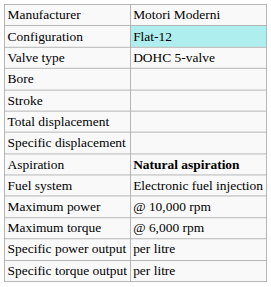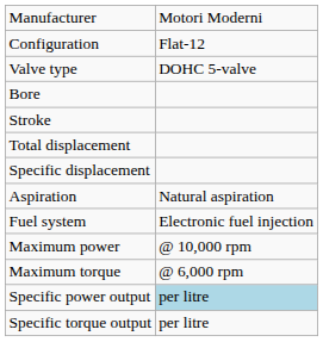 <table class="wikitable">
 <tr>
 <td>Manufacturer</td>
 <td>Motori Moderni</td>
 </tr>
 <tr>
 <td>Configuration</td>
-<td style="background: paleturquoise;">Flat-12</td>
+<td>Flat-12</td>
 </tr>
 <tr>
 <td>Valve type</td>
 <td>DOHC 5-valve</td>
 </tr>
 <tr>
 <td>Bore</td>
 <td></td>
 </tr>
 <tr>
 <td>Stroke</td>
 <td></td>
 </tr>
 <tr>
 <td>Total displacement</td>
 <td></td>
 </tr>
 <tr>
 <td>Specific displacement</td>
 <td></td>
 </tr>
 <tr>
 <td>Aspiration</td>
-<td><strong>Natural aspiration</strong></td>
+<td>Natural aspiration</td>
 </tr>
 <tr>
 <td>Fuel system</td>
 <td>Electronic fuel injection</td>
 </tr>
 <tr>
 <td>Maximum power</td>
 <td> @ 10,000 rpm</td>
 </tr>
 <tr>
 <td>Maximum torque</td>
 <td> @ 6,000 rpm</td>
 </tr>
 <tr>
 <td>Specific power output</td>
-<td> per litre</td>
+<td style="background: lightblue;"> per litre</td>
 </tr>
 <tr>
 <td>Specific torque output</td>
 <td> per litre</td>
 </tr>
 </table>
